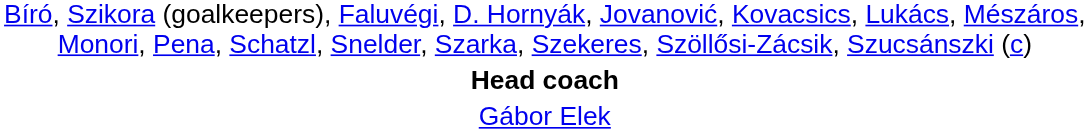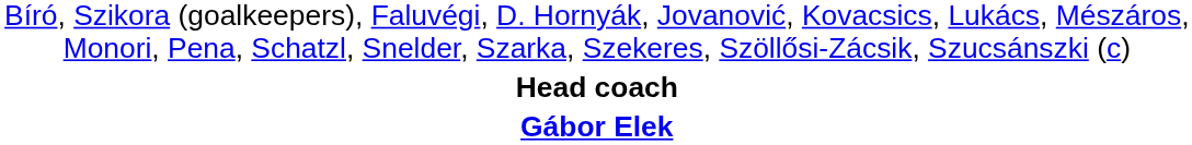 <table style="text-align: center; margin-top: 1em; margin-left: auto; margin-right: auto">
 <tr>
 <td><a href='#'>Bíró</a>, <a href='#'>Szikora</a> (goalkeepers), <a href='#'>Faluvégi</a>, <a href='#'>D. Hornyák</a>, <a href='#'>Jovanović</a>, <a href='#'>Kovacsics</a>, <a href='#'>Lukács</a>, <a href='#'>Mészáros</a>,<br><a href='#'>Monori</a>, <a href='#'>Pena</a>, <a href='#'>Schatzl</a>, <a href='#'>Snelder</a>, <a href='#'>Szarka</a>, <a href='#'>Szekeres</a>, <a href='#'>Szöllősi-Zácsik</a>, <a href='#'>Szucsánszki</a> (<a href='#'>c</a>)</td>
 </tr>
 <tr>
 <td><strong>Head coach</strong></td>
 </tr>
 <tr>
-<td><a href='#'>Gábor Elek</a></td>
+<td><strong><a href='#'>Gábor Elek</a></strong></td>
 </tr>
 </table>
